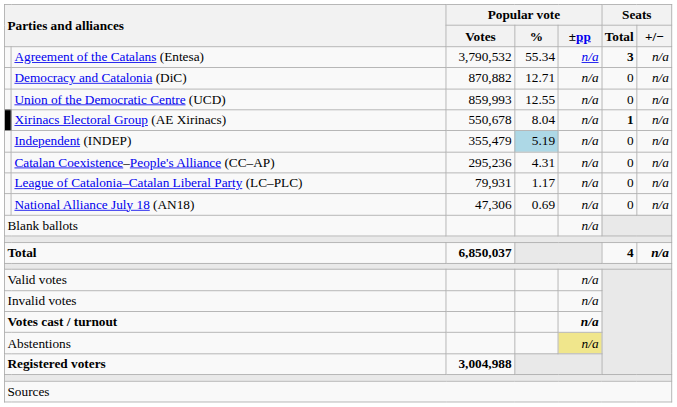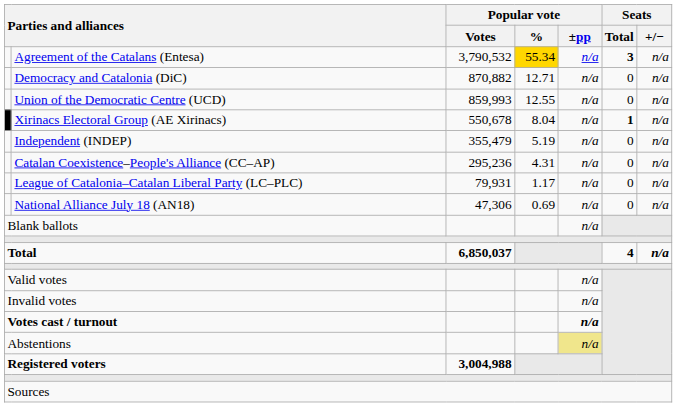 <table class="wikitable" style="text-align:right;">
 <tr>
 <th style="text-align:left;" rowspan="2" colspan="2" width="525">Parties and alliances</th>
 <th colspan="3">Popular vote</th>
 <th colspan="2">Seats</th>
 </tr>
 <tr>
 <th width="75">Votes</th>
 <th width="45">%</th>
 <th width="45">±<a href='#'>pp</a></th>
 <th width="35">Total</th>
 <th width="35">+/−</th>
 </tr>
 <tr>
 <td width="1" style="color:inherit;background:"></td>
 <td align="left"><a href='#'>Agreement of the Catalans</a> (Entesa)</td>
 <td>3,790,532</td>
-<td>55.34</td>
+<td style="background: gold;">55.34</td>
 <td><em><a href='#'>n/a</a></em></td>
 <td><strong>3</strong></td>
 <td><em>n/a</em></td>
 </tr>
 <tr>
 <td style="color:inherit;background:"></td>
 <td align="left"><a href='#'>Democracy and Catalonia</a> (DiC)</td>
 <td>870,882</td>
 <td>12.71</td>
 <td><em>n/a</em></td>
 <td>0</td>
 <td><em>n/a</em></td>
 </tr>
 <tr>
 <td style="color:inherit;background:"></td>
 <td align="left"><a href='#'>Union of the Democratic Centre</a> (UCD)</td>
 <td>859,993</td>
 <td>12.55</td>
 <td><em>n/a</em></td>
 <td>0</td>
 <td><em>n/a</em></td>
 </tr>
 <tr>
 <td bgcolor="black"></td>
 <td align="left"><a href='#'>Xirinacs Electoral Group</a> (AE Xirinacs)</td>
 <td>550,678</td>
 <td>8.04</td>
 <td><em>n/a</em></td>
 <td><strong>1</strong></td>
 <td><em>n/a</em></td>
 </tr>
 <tr>
 <td style="color:inherit;background:"></td>
 <td align="left"><a href='#'>Independent</a> (INDEP)</td>
 <td>355,479</td>
-<td style="background: lightblue;">5.19</td>
+<td>5.19</td>
 <td><em>n/a</em></td>
 <td>0</td>
 <td><em>n/a</em></td>
 </tr>
 <tr>
 <td style="color:inherit;background:"></td>
 <td align="left"><a href='#'>Catalan Coexistence</a>–<a href='#'>People's Alliance</a> (CC–AP)</td>
 <td>295,236</td>
 <td>4.31</td>
 <td><em>n/a</em></td>
 <td>0</td>
 <td><em>n/a</em></td>
 </tr>
 <tr>
 <td style="color:inherit;background:"></td>
 <td align="left"><a href='#'>League of Catalonia–Catalan Liberal Party</a> (LC–PLC)</td>
 <td>79,931</td>
 <td>1.17</td>
 <td><em>n/a</em></td>
 <td>0</td>
 <td><em>n/a</em></td>
 </tr>
 <tr>
 <td style="color:inherit;background:"></td>
 <td align="left"><a href='#'>National Alliance July 18</a> (AN18)</td>
 <td>47,306</td>
 <td>0.69</td>
 <td><em>n/a</em></td>
 <td>0</td>
 <td><em>n/a</em></td>
 </tr>
 <tr>
 <td align="left" colspan="2">Blank ballots</td>
 <td></td>
 <td></td>
 <td><em>n/a</em></td>
 <td bgcolor="#E9E9E9" colspan="2"></td>
 </tr>
 <tr>
 <td colspan="7" bgcolor="#E9E9E9"></td>
 </tr>
 <tr style="font-weight:bold;">
 <td align="left" colspan="2">Total</td>
 <td>6,850,037</td>
 <td bgcolor="#E9E9E9" colspan="2"></td>
 <td>4</td>
 <td><em>n/a</em></td>
 </tr>
 <tr>
 <td colspan="7" bgcolor="#E9E9E9"></td>
 </tr>
 <tr>
 <td align="left" colspan="2">Valid votes</td>
 <td></td>
 <td></td>
 <td><em>n/a</em></td>
 <td bgcolor="#E9E9E9" colspan="2" rowspan="5"></td>
 </tr>
 <tr>
 <td align="left" colspan="2">Invalid votes</td>
 <td></td>
 <td></td>
 <td><em>n/a</em></td>
 </tr>
 <tr style="font-weight:bold;">
 <td align="left" colspan="2">Votes cast / turnout</td>
 <td></td>
 <td></td>
 <td><em>n/a</em></td>
 </tr>
 <tr>
 <td align="left" colspan="2">Abstentions</td>
 <td></td>
 <td></td>
 <td style="background: khaki;"><em>n/a</em></td>
 </tr>
 <tr style="font-weight:bold;">
 <td align="left" colspan="2">Registered voters</td>
 <td>3,004,988</td>
 <td bgcolor="#E9E9E9" colspan="2"></td>
 </tr>
 <tr>
 <td colspan="7" bgcolor="#E9E9E9"></td>
 </tr>
 <tr>
 <td align="left" colspan="7">Sources</td>
 </tr>
 </table>
